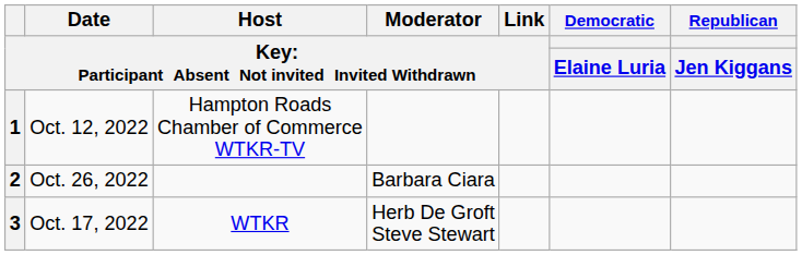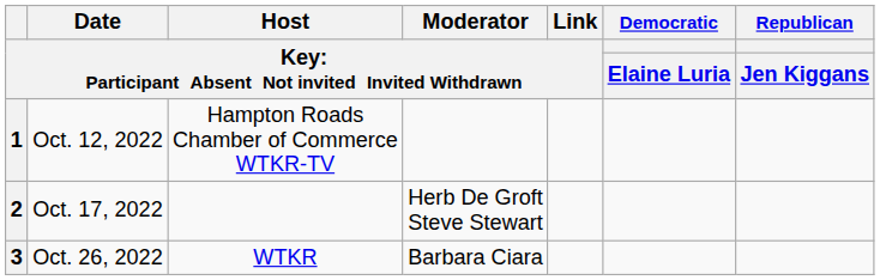 <table class="wikitable" style="text-align:center;">
 <tr>
 <th scope="col"></th>
 <th scope="col">Date</th>
 <th scope="col">Host</th>
 <th scope="col">Moderator</th>
 <th scope="col">Link</th>
 <th scope="col"><small><a href='#'>Democratic</a></small></th>
 <th scope="col"><small><a href='#'>Republican</a></small></th>
 </tr>
 <tr>
 <th colspan="5" rowspan="2">Key:<br> <small>Participant </small>  <small>Absent </small>  <small>Not invited </small>  <small>Invited  Withdrawn</small></th>
 <th scope="col" style="background:"></th>
 <th scope="col" style="background:"></th>
 </tr>
 <tr>
 <th scope="col"><a href='#'>Elaine Luria</a></th>
 <th scope="col"><a href='#'>Jen Kiggans</a></th>
 </tr>
 <tr>
 <th>1</th>
 <td style="white-space:nowrap;">Oct. 12, 2022</td>
 <td style="white-space:nowrap;">Hampton Roads<br>Chamber of Commerce<br><a href='#'>WTKR-TV</a></td>
 <td style="white-space:nowrap;"></td>
 <td style="white-space:nowrap;"></td>
 <td></td>
 <td></td>
 </tr>
 <tr>
 <th>2</th>
-<td style="white-space:nowrap;">Oct. 26, 2022</td>
+<td style="white-space:nowrap;">Oct. 17, 2022</td>
 <td style="white-space:nowrap;"></td>
-<td style="white-space:nowrap;">Barbara Ciara</td>
+<td style="white-space:nowrap;">Herb De Groft<br>Steve Stewart</td>
 <td style="white-space:nowrap;"></td>
 <td></td>
 <td></td>
 </tr>
 <tr>
 <th>3</th>
-<td style="white-space:nowrap;">Oct. 17, 2022</td>
+<td style="white-space:nowrap;">Oct. 26, 2022</td>
 <td style="white-space:nowrap;"><a href='#'>WTKR</a></td>
-<td style="white-space:nowrap;">Herb De Groft<br>Steve Stewart</td>
+<td style="white-space:nowrap;">Barbara Ciara</td>
 <td style="white-space:nowrap;"></td>
 <td></td>
 <td></td>
 </tr>
 </table>
